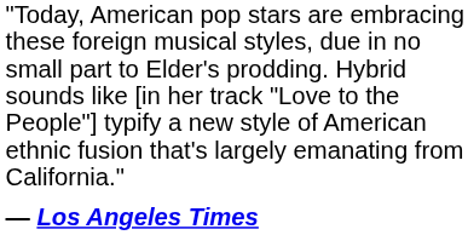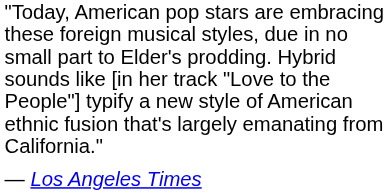 <table class="toccolours" style="float: right; margin-left: 1em; margin-right: 2em; font-size: 85%; background:offwhite; color:black; width:20em; max-width: 40%;" cellspacing="5">
 <tr>
 <td style="text-align: left;">"Today, American pop stars are embracing these foreign musical styles, due in no small part to Elder's prodding. Hybrid sounds like [in her track "Love to the People"] typify a new style of American ethnic fusion that's largely emanating from California."</td>
 </tr>
 <tr>
-<td style="text-align: left;"><strong>— <em><a href='#'>Los Angeles Times</a></em></strong></td>
+<td style="text-align: left;">— <em><a href='#'>Los Angeles Times</a></em></td>
 </tr>
 </table>
